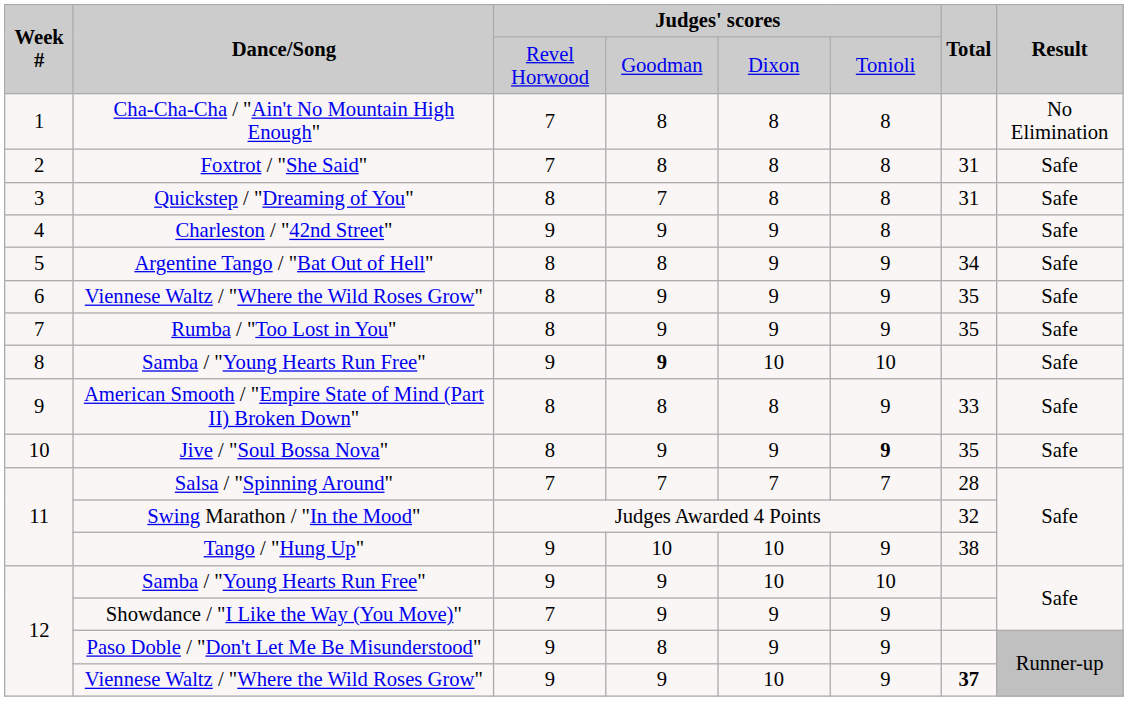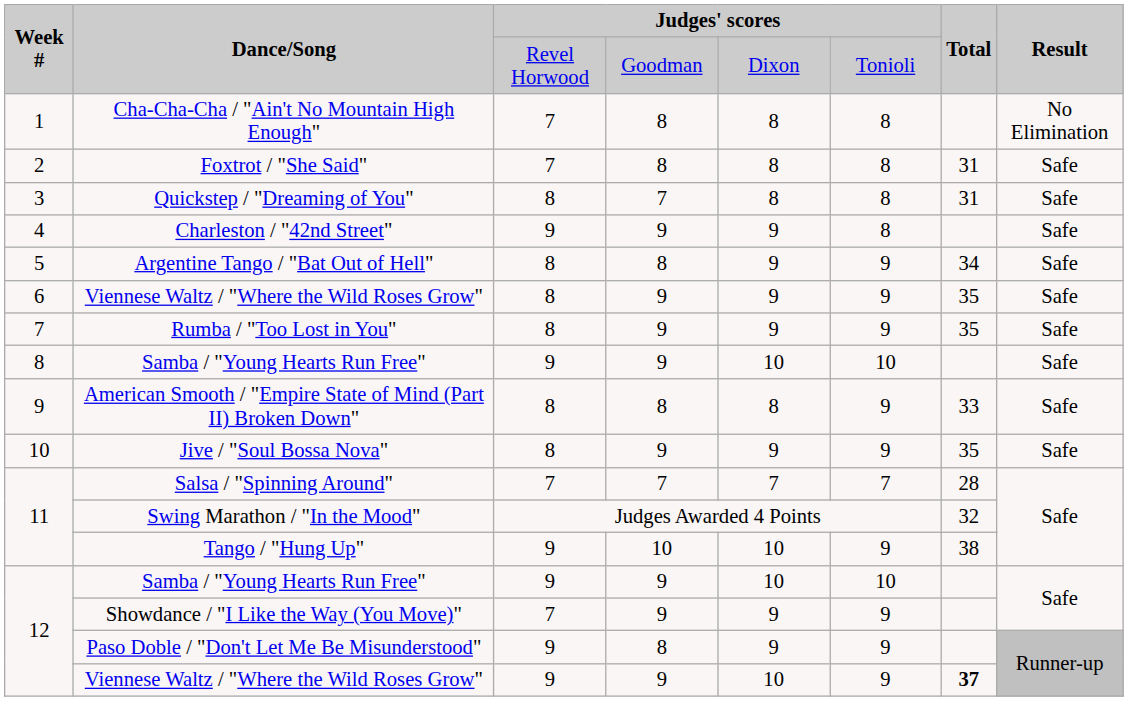 <table class="wikitable collapsible collapsed">
 <tr>
 <th rowspan="2"  style="background:#ccc; text-align:Center;"><strong>Week #</strong></th>
 <th rowspan="2"  style="background:#ccc; text-align:Center;"><strong>Dance</strong>/<strong>Song</strong></th>
 <th colspan="4"  style="background:#ccc; text-align:Center;"><strong>Judges' scores</strong></th>
 <th rowspan="2"  style="background:#ccc; text-align:Center;"><strong>Total</strong></th>
 <th rowspan="2"  style="background:#ccc; text-align:Center;"><strong>Result</strong></th>
 </tr>
 <tr>
 <td style="width:10%; background:#ccc; text-align:center;"><a href='#'>Revel Horwood</a></td>
 <td style="width:10%; background:#ccc; text-align:center;"><a href='#'>Goodman</a></td>
 <td style="width:10%; background:#ccc; text-align:center;"><a href='#'>Dixon</a></td>
 <td style="width:10%; background:#ccc; text-align:center;"><a href='#'>Tonioli</a></td>
 </tr>
 <tr>
 <td style="text-align:center; background:#faf6f6;">1</td>
 <td style="text-align:center; background:#faf6f6;"><a href='#'>Cha-Cha-Cha</a> / "<a href='#'>Ain't No Mountain High Enough</a>"</td>
 <td style="text-align:center; background:#faf6f6;">7</td>
 <td style="text-align:center; background:#faf6f6;">8</td>
 <td style="text-align:center; background:#faf6f6;">8</td>
 <td style="text-align:center; background:#faf6f6;">8</td>
 <td style="text-align:center; background:#faf6f6;"></td>
 <td style="text-align:center; background:#faf6f6;">No Elimination</td>
 </tr>
 <tr>
 <td style="text-align:center; background:#faf6f6;">2</td>
 <td style="text-align:center; background:#faf6f6;"><a href='#'>Foxtrot</a> / "<a href='#'>She Said</a>"</td>
 <td style="text-align:center; background:#faf6f6;">7</td>
 <td style="text-align:center; background:#faf6f6;">8</td>
 <td style="text-align:center; background:#faf6f6;">8</td>
 <td style="text-align:center; background:#faf6f6;">8</td>
 <td style="text-align:center; background:#faf6f6;">31</td>
 <td style="text-align:center; background:#faf6f6;">Safe</td>
 </tr>
 <tr>
 <td style="text-align:center; background:#faf6f6;">3</td>
 <td style="text-align:center; background:#faf6f6;"><a href='#'>Quickstep</a> / "<a href='#'>Dreaming of You</a>"</td>
 <td style="text-align:center; background:#faf6f6;">8</td>
 <td style="text-align:center; background:#faf6f6;">7</td>
 <td style="text-align:center; background:#faf6f6;">8</td>
 <td style="text-align:center; background:#faf6f6;">8</td>
 <td style="text-align:center; background:#faf6f6;">31</td>
 <td style="text-align:center; background:#faf6f6;">Safe</td>
 </tr>
 <tr>
 <td style="text-align:center; background:#faf6f6;">4</td>
 <td style="text-align:center; background:#faf6f6;"><a href='#'>Charleston</a> / "<a href='#'>42nd Street</a>"</td>
 <td style="text-align:center; background:#faf6f6;">9</td>
 <td style="text-align:center; background:#faf6f6;">9</td>
 <td style="text-align:center; background:#faf6f6;">9</td>
 <td style="text-align:center; background:#faf6f6;">8</td>
 <td style="text-align:center; background:#faf6f6;"></td>
 <td style="text-align:center; background:#faf6f6;">Safe</td>
 </tr>
 <tr>
 <td style="text-align:center; background:#faf6f6;">5</td>
 <td style="text-align:center; background:#faf6f6;"><a href='#'>Argentine Tango</a> / "<a href='#'>Bat Out of Hell</a>"</td>
 <td style="text-align:center; background:#faf6f6;">8</td>
 <td style="text-align:center; background:#faf6f6;">8</td>
 <td style="text-align:center; background:#faf6f6;">9</td>
 <td style="text-align:center; background:#faf6f6;">9</td>
 <td style="text-align:center; background:#faf6f6;">34</td>
 <td style="text-align:center; background:#faf6f6;">Safe</td>
 </tr>
 <tr style="text-align:center; background:#faf6f6;">
 <td>6</td>
 <td><a href='#'>Viennese Waltz</a> / "<a href='#'>Where the Wild Roses Grow</a>"</td>
 <td>8</td>
 <td>9</td>
 <td>9</td>
 <td>9</td>
 <td>35</td>
 <td>Safe</td>
 </tr>
 <tr>
 <td style="text-align:center; background:#faf6f6;">7</td>
 <td style="text-align:center; background:#faf6f6;"><a href='#'>Rumba</a> / "<a href='#'>Too Lost in You</a>"</td>
 <td style="text-align:center; background:#faf6f6;">8</td>
 <td style="text-align:center; background:#faf6f6;">9</td>
 <td style="text-align:center; background:#faf6f6;">9</td>
 <td style="text-align:center; background:#faf6f6;">9</td>
 <td style="text-align:center; background:#faf6f6;">35</td>
 <td style="text-align:center; background:#faf6f6;">Safe</td>
 </tr>
 <tr style="text-align:center; background:#faf6f6;">
 <td>8</td>
 <td><a href='#'>Samba</a> / "<a href='#'>Young Hearts Run Free</a>"</td>
 <td>9</td>
-<td><strong>9</strong></td>
+<td>9</td>
 <td>10</td>
 <td>10</td>
 <td></td>
 <td>Safe</td>
 </tr>
 <tr style="text-align:center; background:#faf6f6;">
 <td>9</td>
 <td><a href='#'>American Smooth</a> / "<a href='#'>Empire State of Mind (Part II) Broken Down</a>"</td>
 <td>8</td>
 <td>8</td>
 <td>8</td>
 <td>9</td>
 <td>33</td>
 <td>Safe</td>
 </tr>
 <tr>
 <td style="text-align:center; background:#faf6f6;">10</td>
 <td style="text-align:center; background:#faf6f6;"><a href='#'>Jive</a> / "<a href='#'>Soul Bossa Nova</a>"</td>
 <td style="text-align:center; background:#faf6f6;">8</td>
 <td style="text-align:center; background:#faf6f6;">9</td>
 <td style="text-align:center; background:#faf6f6;">9</td>
-<td style="text-align:center; background:#faf6f6;"><strong>9</strong></td>
+<td style="text-align:center; background:#faf6f6;">9</td>
 <td style="text-align:center; background:#faf6f6;">35</td>
 <td style="text-align:center; background:#faf6f6;">Safe</td>
 </tr>
 <tr>
 <td style="text-align:center; background:#faf6f6;" rowspan="3">11</td>
 <td style="text-align:center; background:#faf6f6;"><a href='#'>Salsa</a> / "<a href='#'>Spinning Around</a>"</td>
 <td style="text-align:center; background:#faf6f6;">7</td>
 <td style="text-align:center; background:#faf6f6;">7</td>
 <td style="text-align:center; background:#faf6f6;">7</td>
 <td style="text-align:center; background:#faf6f6;">7</td>
 <td style="text-align:center; background:#faf6f6;">28</td>
 <td style="text-align:center; background:#faf6f6;" rowspan="3">Safe</td>
 </tr>
 <tr>
 <td style="text-align:center; background:#faf6f6;"><a href='#'>Swing</a> Marathon / "<a href='#'>In the Mood</a>"</td>
 <td style="text-align:center; background:#faf6f6;" colspan="4">Judges Awarded 4 Points</td>
 <td style="text-align:center; background:#faf6f6;">32</td>
 </tr>
 <tr>
 <td style="text-align:center; background:#faf6f6;"><a href='#'>Tango</a> / "<a href='#'>Hung Up</a>"</td>
 <td style="text-align:center; background:#faf6f6;">9</td>
 <td style="text-align:center; background:#faf6f6;">10</td>
 <td style="text-align:center; background:#faf6f6;">10</td>
 <td style="text-align:center; background:#faf6f6;">9</td>
 <td style="text-align:center; background:#faf6f6;">38</td>
 </tr>
 <tr style="text-align:center; background:#faf6f6;">
 <td rowspan="4">12</td>
 <td><a href='#'>Samba</a> / "<a href='#'>Young Hearts Run Free</a>"</td>
 <td>9</td>
 <td>9</td>
 <td>10</td>
 <td>10</td>
 <td></td>
 <td rowspan="2">Safe</td>
 </tr>
 <tr style="text-align:center; background:#faf6f6;">
 <td>Showdance / "<a href='#'>I Like the Way (You Move)</a>"</td>
 <td>7</td>
 <td>9</td>
 <td>9</td>
 <td>9</td>
 <td></td>
 </tr>
 <tr style="text-align:center;">
 <td style="background:#faf6f6;"><a href='#'>Paso Doble</a> / "<a href='#'>Don't Let Me Be Misunderstood</a>"</td>
 <td style="background:#faf6f6;">9</td>
 <td style="background:#faf6f6;">8</td>
 <td style="background:#faf6f6;">9</td>
 <td style="background:#faf6f6;">9</td>
 <td style="background:#faf6f6;"></td>
 <td style="background:silver;" rowspan="2">Runner-up</td>
 </tr>
 <tr style="text-align:center; background:#faf6f6;">
 <td><a href='#'>Viennese Waltz</a> /  "<a href='#'>Where the Wild Roses Grow</a>"</td>
 <td>9</td>
 <td>9</td>
 <td>10</td>
 <td>9</td>
 <td><strong>37</strong></td>
 </tr>
 </table>
